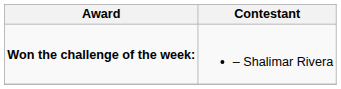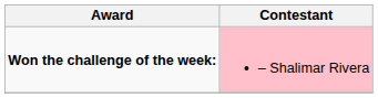 <table class="wikitable" border="1">
 <tr>
 <th>Award</th>
 <th>Contestant</th>
 </tr>
 <tr>
 <td><strong>Won the challenge of the week:</strong></td>
-<td><br><ul><li><strong></strong> – Shalimar Rivera</li></ul></td>
+<td style="background: pink;"><br><ul><li><strong></strong> – Shalimar Rivera</li></ul></td>
 </tr>
 <tr>
 </tr>
 </table>
